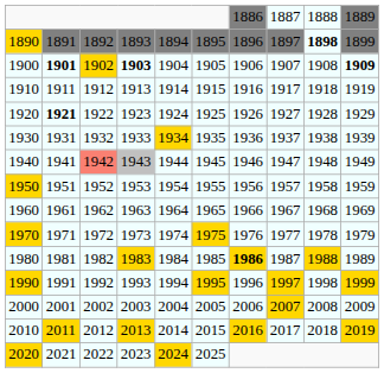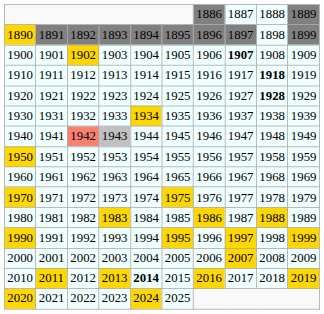 <table class="wikitable">
 <tr>
 <td colspan="6"></td>
 <td style="background: grey;">1886</td>
 <td style="background: azure;">1887</td>
 <td style="background: azure;">1888</td>
 <td style="background: grey;">1889</td>
 </tr>
 <tr>
 <td style="background: gold;">1890</td>
 <td style="background: grey;">1891</td>
 <td style="background: grey;">1892</td>
 <td style="background: grey;">1893</td>
 <td style="background: grey;">1894</td>
 <td style="background: grey;">1895</td>
 <td style="background: grey;">1896</td>
 <td style="background: grey;">1897</td>
-<td style="background: azure;"><strong>1898</strong></td>
+<td style="background: azure;">1898</td>
 <td style="background: grey;">1899</td>
 </tr>
 <tr>
 <td style="background: azure;">1900</td>
-<td style="background: azure;"><strong>1901</strong></td>
+<td style="background: azure;">1901</td>
 <td style="background: gold;">1902</td>
-<td style="background: azure;"><strong>1903</strong></td>
+<td style="background: azure;">1903</td>
 <td style="background: azure;">1904</td>
 <td style="background: azure;">1905</td>
 <td style="background: azure;">1906</td>
-<td style="background: azure;">1907</td>
+<td style="background: azure;"><strong>1907</strong></td>
 <td style="background: azure;">1908</td>
-<td style="background: azure;"><strong>1909</strong></td>
+<td style="background: azure;">1909</td>
 </tr>
 <tr>
 <td style="background: azure;">1910</td>
 <td style="background: azure;">1911</td>
 <td style="background: azure;">1912</td>
 <td style="background: azure;">1913</td>
 <td style="background: azure;">1914</td>
 <td style="background: azure;">1915</td>
 <td style="background: azure;">1916</td>
 <td style="background: azure;">1917</td>
-<td style="background: azure;">1918</td>
+<td style="background: azure;"><strong>1918</strong></td>
 <td style="background: azure;">1919</td>
 </tr>
 <tr>
 <td style="background: azure;">1920</td>
-<td style="background: azure;"><strong>1921</strong></td>
+<td style="background: azure;">1921</td>
 <td style="background: azure;">1922</td>
 <td style="background: azure;">1923</td>
 <td style="background: azure;">1924</td>
 <td style="background: azure;">1925</td>
 <td style="background: azure;">1926</td>
 <td style="background: azure;">1927</td>
-<td style="background: azure;">1928</td>
+<td style="background: azure;"><strong>1928</strong></td>
 <td style="background: azure;">1929</td>
 </tr>
 <tr>
 <td style="background: azure;">1930</td>
 <td style="background: azure;">1931</td>
 <td style="background: azure;">1932</td>
 <td style="background: azure;">1933</td>
 <td style="background: gold;">1934</td>
 <td style="background: azure;">1935</td>
 <td style="background: azure;">1936</td>
 <td style="background: azure;">1937</td>
 <td style="background: azure;">1938</td>
 <td style="background: azure;">1939</td>
 </tr>
 <tr>
 <td style="background: azure;">1940</td>
 <td style="background: azure;">1941</td>
 <td style="background: salmon;">1942</td>
 <td style="background: silver;">1943</td>
 <td style="background: azure;">1944</td>
 <td style="background: azure;">1945</td>
 <td style="background: azure;">1946</td>
 <td style="background: azure;">1947</td>
 <td style="background: azure;">1948</td>
 <td style="background: azure;">1949</td>
 </tr>
 <tr>
 <td style="background: gold;">1950</td>
 <td style="background: azure;">1951</td>
 <td style="background: azure;">1952</td>
 <td style="background: azure;">1953</td>
 <td style="background: azure;">1954</td>
 <td style="background: azure;">1955</td>
 <td style="background: azure;">1956</td>
 <td style="background: azure;">1957</td>
 <td style="background: azure;">1958</td>
 <td style="background: azure;">1959</td>
 </tr>
 <tr>
 <td style="background: azure;">1960</td>
 <td style="background: azure;">1961</td>
 <td style="background: azure;">1962</td>
 <td style="background: azure;">1963</td>
 <td style="background: azure;">1964</td>
 <td style="background: azure;">1965</td>
 <td style="background: azure;">1966</td>
 <td style="background: azure;">1967</td>
 <td style="background: azure;">1968</td>
 <td style="background: azure;">1969</td>
 </tr>
 <tr>
 <td style="background: gold;">1970</td>
 <td style="background: azure;">1971</td>
 <td style="background: azure;">1972</td>
 <td style="background: azure;">1973</td>
 <td style="background: azure;">1974</td>
 <td style="background: gold;">1975</td>
 <td style="background: azure;">1976</td>
 <td style="background: azure;">1977</td>
 <td style="background: azure;">1978</td>
 <td style="background: azure;">1979</td>
 </tr>
 <tr>
 <td style="background: azure;">1980</td>
 <td style="background: azure;">1981</td>
 <td style="background: azure;">1982</td>
 <td style="background: gold;">1983</td>
 <td style="background: azure;">1984</td>
 <td style="background: azure;">1985</td>
-<td style="background: gold;"><strong>1986</strong></td>
+<td style="background: gold;">1986</td>
 <td style="background: azure;">1987</td>
 <td style="background: gold;">1988</td>
 <td style="background: azure;">1989</td>
 </tr>
 <tr>
 <td style="background: gold;">1990</td>
 <td style="background: azure;">1991</td>
 <td style="background: azure;">1992</td>
 <td style="background: azure;">1993</td>
 <td style="background: azure;">1994</td>
 <td style="background: gold;">1995</td>
 <td style="background: azure;">1996</td>
 <td style="background: gold;">1997</td>
 <td style="background: azure;">1998</td>
 <td style="background: gold;">1999</td>
 </tr>
 <tr>
 <td style="background: azure;">2000</td>
 <td style="background: azure;">2001</td>
 <td style="background: azure;">2002</td>
 <td style="background: azure;">2003</td>
 <td style="background: azure;">2004</td>
 <td style="background: azure;">2005</td>
 <td style="background: azure;">2006</td>
 <td style="background: gold;">2007</td>
 <td style="background: azure;">2008</td>
 <td style="background: azure;">2009</td>
 </tr>
 <tr>
 <td style="background: azure;">2010</td>
 <td style="background: gold;">2011</td>
 <td style="background: azure;">2012</td>
 <td style="background: gold;">2013</td>
-<td style="background: azure;">2014</td>
+<td style="background: azure;"><strong>2014</strong></td>
 <td style="background: azure;">2015</td>
 <td style="background: gold;">2016</td>
 <td style="background: azure;">2017</td>
 <td style="background: azure;">2018</td>
 <td style="background: gold;">2019</td>
 </tr>
 <tr>
 <td style="background: gold;">2020</td>
 <td style="background: azure;">2021</td>
 <td style="background: azure;">2022</td>
 <td style="background: azure;">2023</td>
 <td style="background: gold;">2024</td>
 <td style="background: azure;">2025</td>
 </tr>
 </table>
